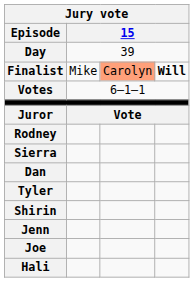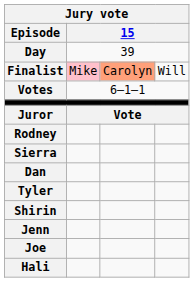 <table class="wikitable" style="text-align:center; font-size:100%">
 <tr>
 <th colspan=4>Jury vote</th>
 </tr>
 <tr>
 <th>Episode</th>
 <th colspan=3><a href='#'>15</a></th>
 </tr>
 <tr>
 <th>Day</th>
 <td colspan=3>39</td>
 </tr>
 <tr>
 <th>Finalist</th>
-<td>Mike</td>
+<td style="background: pink;">Mike</td>
 <td style="background: lightsalmon;">Carolyn</td>
-<td><strong>Will</strong></td>
+<td>Will</td>
 </tr>
 <tr>
 <th>Votes</th>
 <td colspan=3>6–1–1</td>
 </tr>
 <tr>
 <td bgcolor=black colspan=4></td>
 </tr>
 <tr>
 <th>Juror</th>
 <th colspan=4>Vote</th>
 </tr>
 <tr>
 <th>Rodney</th>
 <td></td>
 <td></td>
 <td></td>
 </tr>
 <tr>
 <th>Sierra</th>
 <td></td>
 <td></td>
 <td></td>
 </tr>
 <tr>
 <th>Dan</th>
 <td></td>
 <td></td>
 <td></td>
 </tr>
 <tr>
 <th>Tyler</th>
 <td></td>
 <td></td>
 <td></td>
 </tr>
 <tr>
 <th>Shirin</th>
 <td></td>
 <td></td>
 <td></td>
 </tr>
 <tr>
 <th>Jenn</th>
 <td></td>
 <td></td>
 <td></td>
 </tr>
 <tr>
 <th>Joe</th>
 <td></td>
 <td></td>
 <td></td>
 </tr>
 <tr>
 <th>Hali</th>
 <td></td>
 <td></td>
 <td></td>
 </tr>
 </table>
